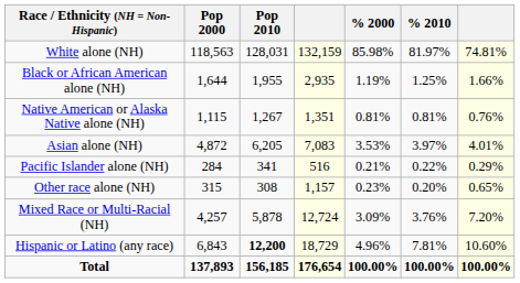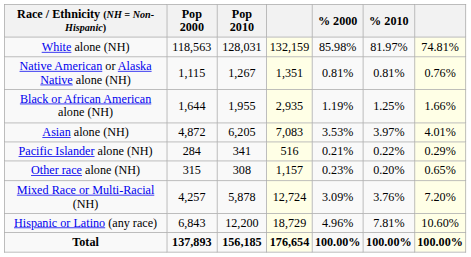 <table class="wikitable" style="text-align:center;">
 <tr>
 <th>Race / Ethnicity <small>(<em>NH = Non-Hispanic</em>)</small></th>
 <th>Pop 2000</th>
 <th>Pop 2010</th>
 <th></th>
 <th>% 2000</th>
 <th>% 2010</th>
 <th></th>
 </tr>
 <tr>
 <td><a href='#'>White</a> alone (NH)</td>
 <td>118,563</td>
 <td>128,031</td>
 <td style='background: #ffffe6;'>132,159</td>
 <td>85.98%</td>
 <td>81.97%</td>
 <td style='background: #ffffe6;'>74.81%</td>
 </tr>
 <tr>
+<td><a href='#'>Native American</a> or <a href='#'>Alaska Native</a> alone (NH)</td>
+<td>1,115</td>
+<td>1,267</td>
+<td style='background: #ffffe6;'>1,351</td>
+<td>0.81%</td>
+<td>0.81%</td>
+<td style='background: #ffffe6;'>0.76%</td>
+</tr>
+<tr>
 <td><a href='#'>Black or African American</a> alone (NH)</td>
 <td>1,644</td>
 <td>1,955</td>
 <td style='background: #ffffe6;'>2,935</td>
 <td>1.19%</td>
 <td>1.25%</td>
 <td style='background: #ffffe6;'>1.66%</td>
-</tr>
-<tr>
-<td><a href='#'>Native American</a> or <a href='#'>Alaska Native</a> alone (NH)</td>
-<td>1,115</td>
-<td>1,267</td>
-<td style='background: #ffffe6;'>1,351</td>
-<td>0.81%</td>
-<td>0.81%</td>
-<td style='background: #ffffe6;'>0.76%</td>
 </tr>
 <tr>
 <td><a href='#'>Asian</a> alone (NH)</td>
 <td>4,872</td>
 <td>6,205</td>
 <td style='background: #ffffe6;'>7,083</td>
 <td>3.53%</td>
 <td>3.97%</td>
 <td style='background: #ffffe6;'>4.01%</td>
 </tr>
 <tr>
 <td><a href='#'>Pacific Islander</a> alone (NH)</td>
 <td>284</td>
 <td>341</td>
 <td style='background: #ffffe6;'>516</td>
 <td>0.21%</td>
 <td>0.22%</td>
 <td style='background: #ffffe6;'>0.29%</td>
 </tr>
 <tr>
 <td><a href='#'>Other race</a> alone (NH)</td>
 <td>315</td>
 <td>308</td>
 <td style='background: #ffffe6;'>1,157</td>
 <td>0.23%</td>
 <td>0.20%</td>
 <td style='background: #ffffe6;'>0.65%</td>
 </tr>
 <tr>
 <td><a href='#'>Mixed Race or Multi-Racial</a> (NH)</td>
 <td>4,257</td>
 <td>5,878</td>
 <td style='background: #ffffe6;'>12,724</td>
 <td>3.09%</td>
 <td>3.76%</td>
 <td style='background: #ffffe6;'>7.20%</td>
 </tr>
 <tr>
 <td><a href='#'>Hispanic or Latino</a> (any race)</td>
 <td>6,843</td>
-<td><strong>12,200</strong></td>
+<td>12,200</td>
 <td style='background: #ffffe6;'>18,729</td>
 <td>4.96%</td>
 <td>7.81%</td>
 <td style='background: #ffffe6;'>10.60%</td>
 </tr>
 <tr>
 <td><strong>Total</strong></td>
 <td><strong>137,893</strong></td>
 <td><strong>156,185</strong></td>
 <td style='background: #ffffe6;'><strong>176,654</strong></td>
 <td><strong>100.00%</strong></td>
 <td><strong>100.00%</strong></td>
 <td style='background: #ffffe6;'><strong>100.00%</strong></td>
 </tr>
 </table>
